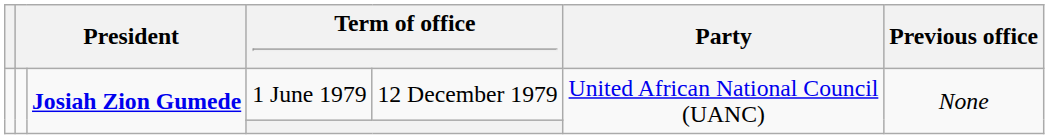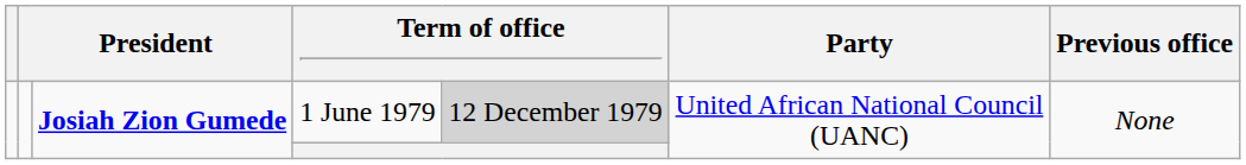 <table class="wikitable" style="text-align:center;">
 <tr>
 <th></th>
 <th colspan=2>President</th>
 <th colspan=2>Term of office<hr></th>
 <th>Party</th>
 <th>Previous office</th>
 </tr>
 <tr>
 <td rowspan=2 style="background:"><strong></strong></td>
 <td rowspan=2></td>
 <td rowspan=2><strong><a href='#'>Josiah Zion Gumede</a></strong><br></td>
 <td>1 June 1979</td>
-<td>12 December 1979</td>
+<td style="background: lightgrey;">12 December 1979</td>
 <td rowspan=2><a href='#'>United African National Council</a><br>(UANC)</td>
 <td rowspan=2><em>None</em></td>
 </tr>
 <tr>
 <th colspan=2 style="font-weight:normal; text-align:center; font-size:90%"></th>
 </tr>
 </table>
